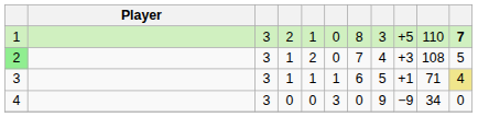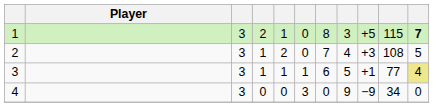 <table class="wikitable" style="text-align:center;">
 <tr>
 <th width=20></th>
 <th width=260>Player</th>
 <th width=20></th>
 <th width=20></th>
 <th width=20></th>
 <th width=20></th>
 <th width=20></th>
 <th width=20></th>
 <th width=20></th>
 <th width=30></th>
 <th width=20></th>
 </tr>
 <tr style="background:#D0F0C0;">
 <td>1</td>
 <td align=left> <small></small></td>
 <td>3</td>
 <td>2</td>
 <td>1</td>
 <td>0</td>
 <td>8</td>
 <td>3</td>
 <td>+5</td>
-<td>110</td>
+<td>115</td>
 <td><strong>7</strong></td>
 </tr>
 <tr>
-<td style="background: lightgreen;">2</td>
+<td>2</td>
 <td align=left> <small></small></td>
 <td>3</td>
 <td>1</td>
 <td>2</td>
 <td>0</td>
 <td>7</td>
 <td>4</td>
 <td>+3</td>
 <td>108</td>
 <td>5</td>
 </tr>
 <tr>
 <td>3</td>
 <td align=left> <small></small></td>
 <td>3</td>
 <td>1</td>
 <td>1</td>
 <td>1</td>
 <td>6</td>
 <td>5</td>
 <td>+1</td>
-<td>71</td>
+<td>77</td>
 <td style="background: khaki;">4</td>
 </tr>
 <tr>
 <td>4</td>
 <td align=left> <small></small></td>
 <td>3</td>
 <td>0</td>
 <td>0</td>
 <td>3</td>
 <td>0</td>
 <td>9</td>
 <td>−9</td>
 <td>34</td>
 <td>0</td>
 </tr>
 <tr>
 </tr>
 </table>
